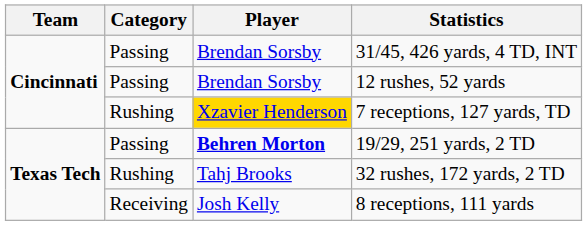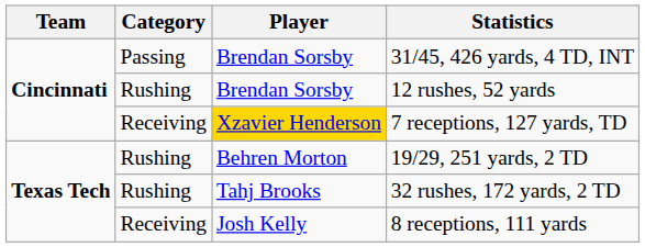 <table class="wikitable" style="float: right;">
 <tr>
 <th>Team</th>
 <th>Category</th>
 <th>Player</th>
 <th>Statistics</th>
 </tr>
 <tr>
 <td rowspan=3><strong>Cincinnati</strong></td>
 <td>Passing</td>
 <td><a href='#'>Brendan Sorsby</a></td>
 <td>31/45, 426 yards, 4 TD, INT</td>
 </tr>
 <tr>
-<td>Passing</td>
+<td>Rushing</td>
 <td><a href='#'>Brendan Sorsby</a></td>
 <td>12 rushes, 52 yards</td>
 </tr>
 <tr>
-<td>Rushing</td>
+<td>Receiving</td>
 <td style="background: gold;"><a href='#'>Xzavier Henderson</a></td>
 <td>7 receptions, 127 yards, TD</td>
 </tr>
 <tr>
 <td rowspan=3><strong>Texas Tech</strong></td>
-<td>Passing</td>
-<td><strong><a href='#'>Behren Morton</a></strong></td>
+<td>Rushing</td>
+<td><a href='#'>Behren Morton</a></td>
 <td>19/29, 251 yards, 2 TD</td>
 </tr>
 <tr>
 <td>Rushing</td>
 <td><a href='#'>Tahj Brooks</a></td>
 <td>32 rushes, 172 yards, 2 TD</td>
 </tr>
 <tr>
 <td>Receiving</td>
 <td><a href='#'>Josh Kelly</a></td>
 <td>8 receptions, 111 yards</td>
 </tr>
 </table>
